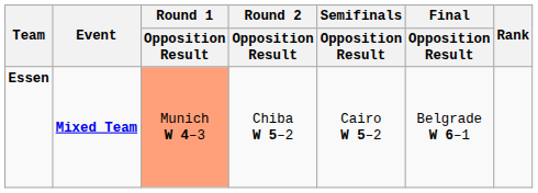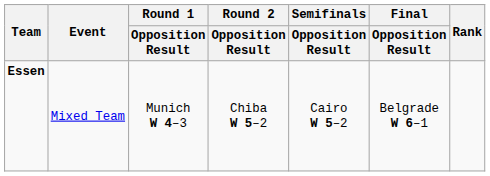 <table class="wikitable" style="font-size:90%;">
 <tr>
 <th rowspan=2>Team</th>
 <th rowspan=2>Event</th>
 <th>Round 1</th>
 <th>Round 2</th>
 <th>Semifinals</th>
 <th>Final</th>
 <th rowspan=2>Rank</th>
 </tr>
 <tr>
 <th>Opposition<br>Result</th>
 <th>Opposition<br>Result</th>
 <th>Opposition<br>Result</th>
 <th>Opposition<br>Result</th>
 </tr>
 <tr>
 <td><strong>Essen</strong><br><br><br><br><br><br><br></td>
-<td><strong><a href='#'>Mixed Team</a></strong></td>
-<td align=center style="background: lightsalmon;">Munich <br> <strong>W</strong> <strong>4</strong>–3</td>
+<td><a href='#'>Mixed Team</a></td>
+<td align=center>Munich <br> <strong>W</strong> <strong>4</strong>–3</td>
 <td align=center>Chiba <br> <strong>W</strong> <strong>5</strong>–2</td>
 <td align=center>Cairo <br> <strong>W</strong> <strong>5</strong>–2</td>
 <td align=center>Belgrade <br> <strong>W</strong> <strong>6</strong>–1</td>
 <td align=center></td>
 </tr>
 </table>
